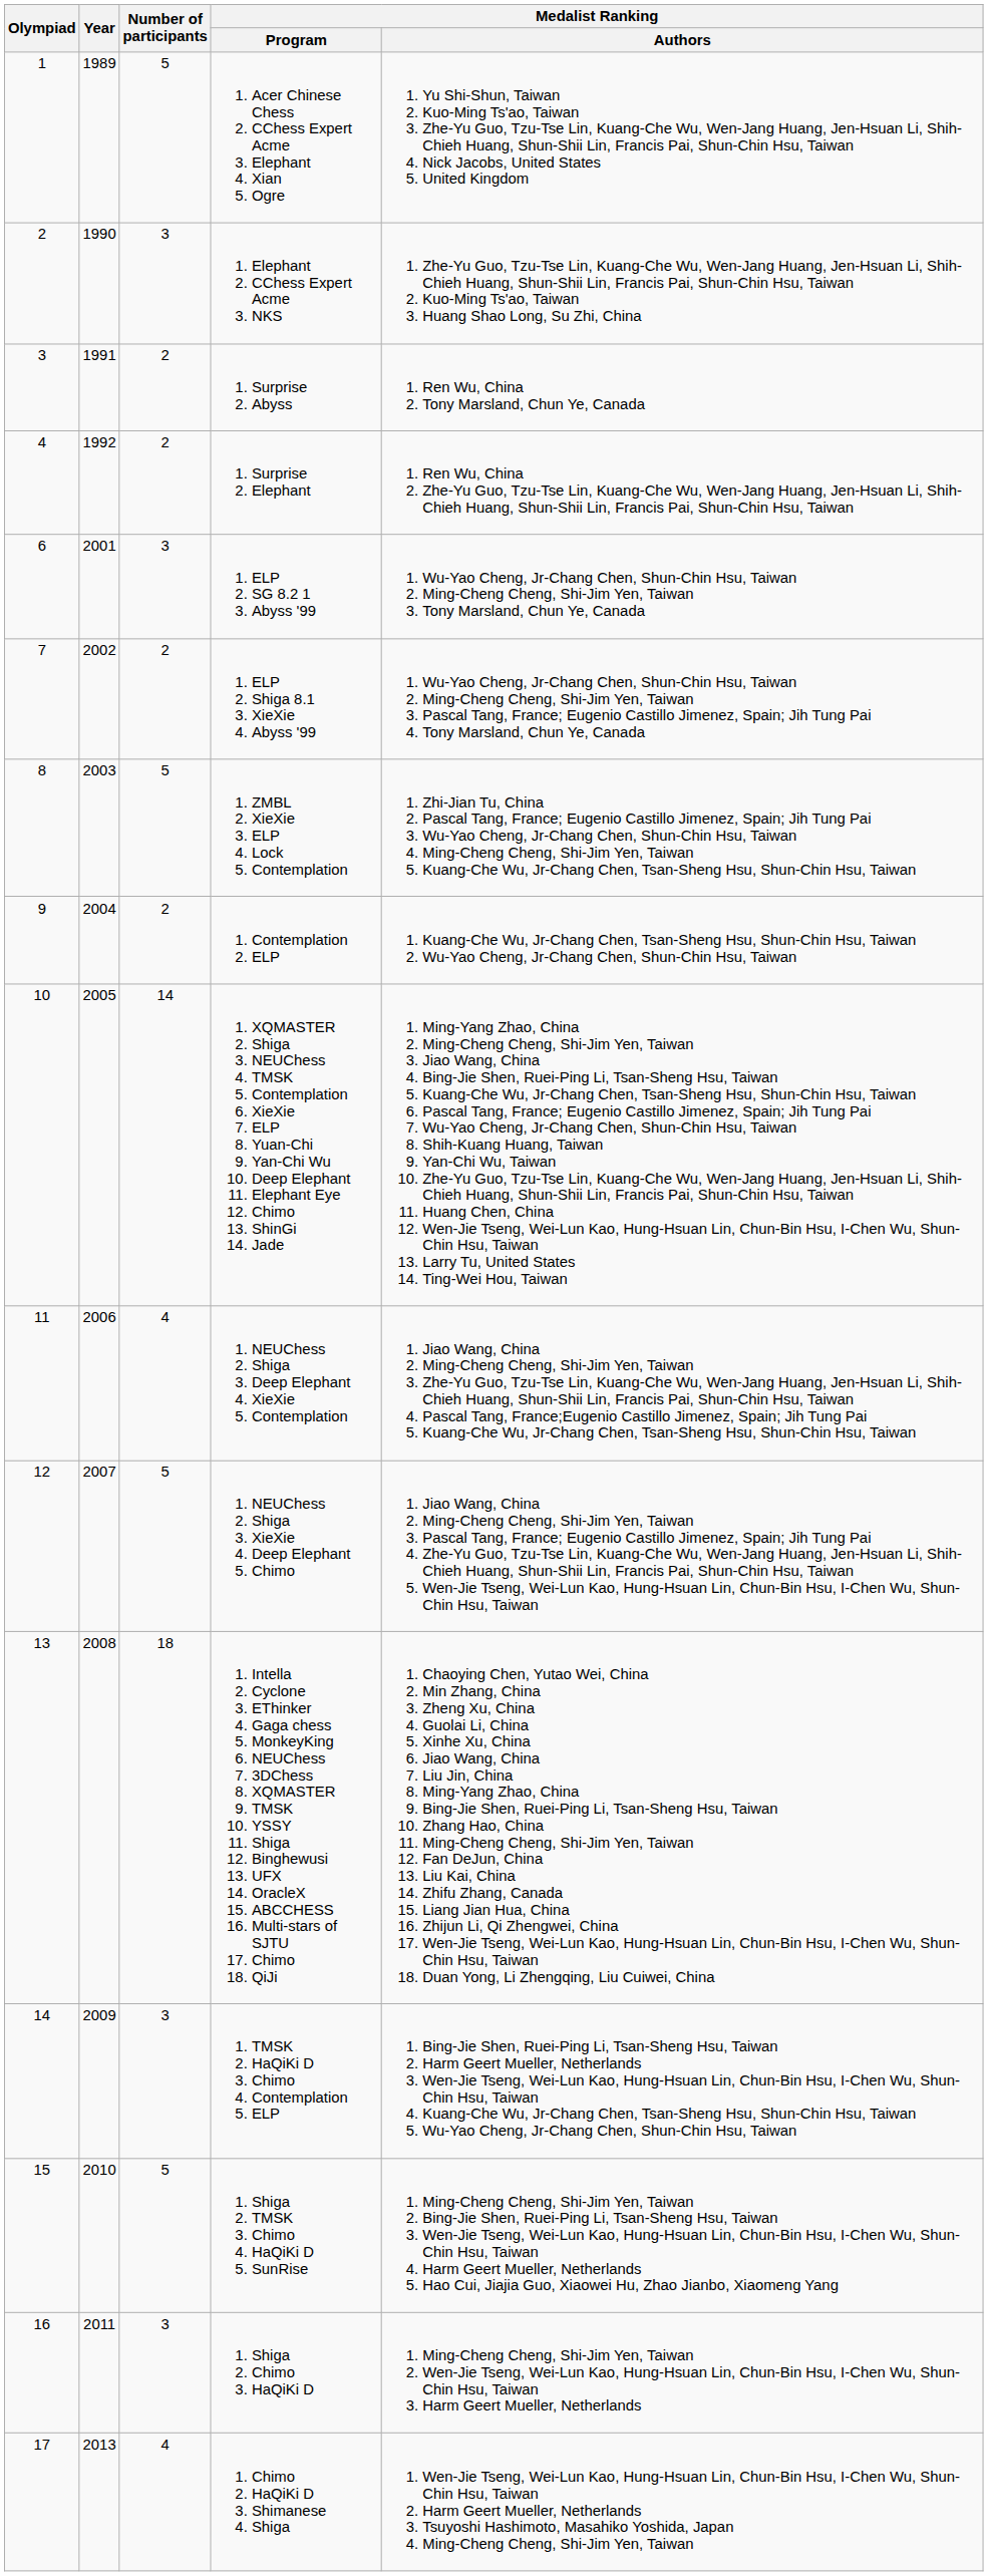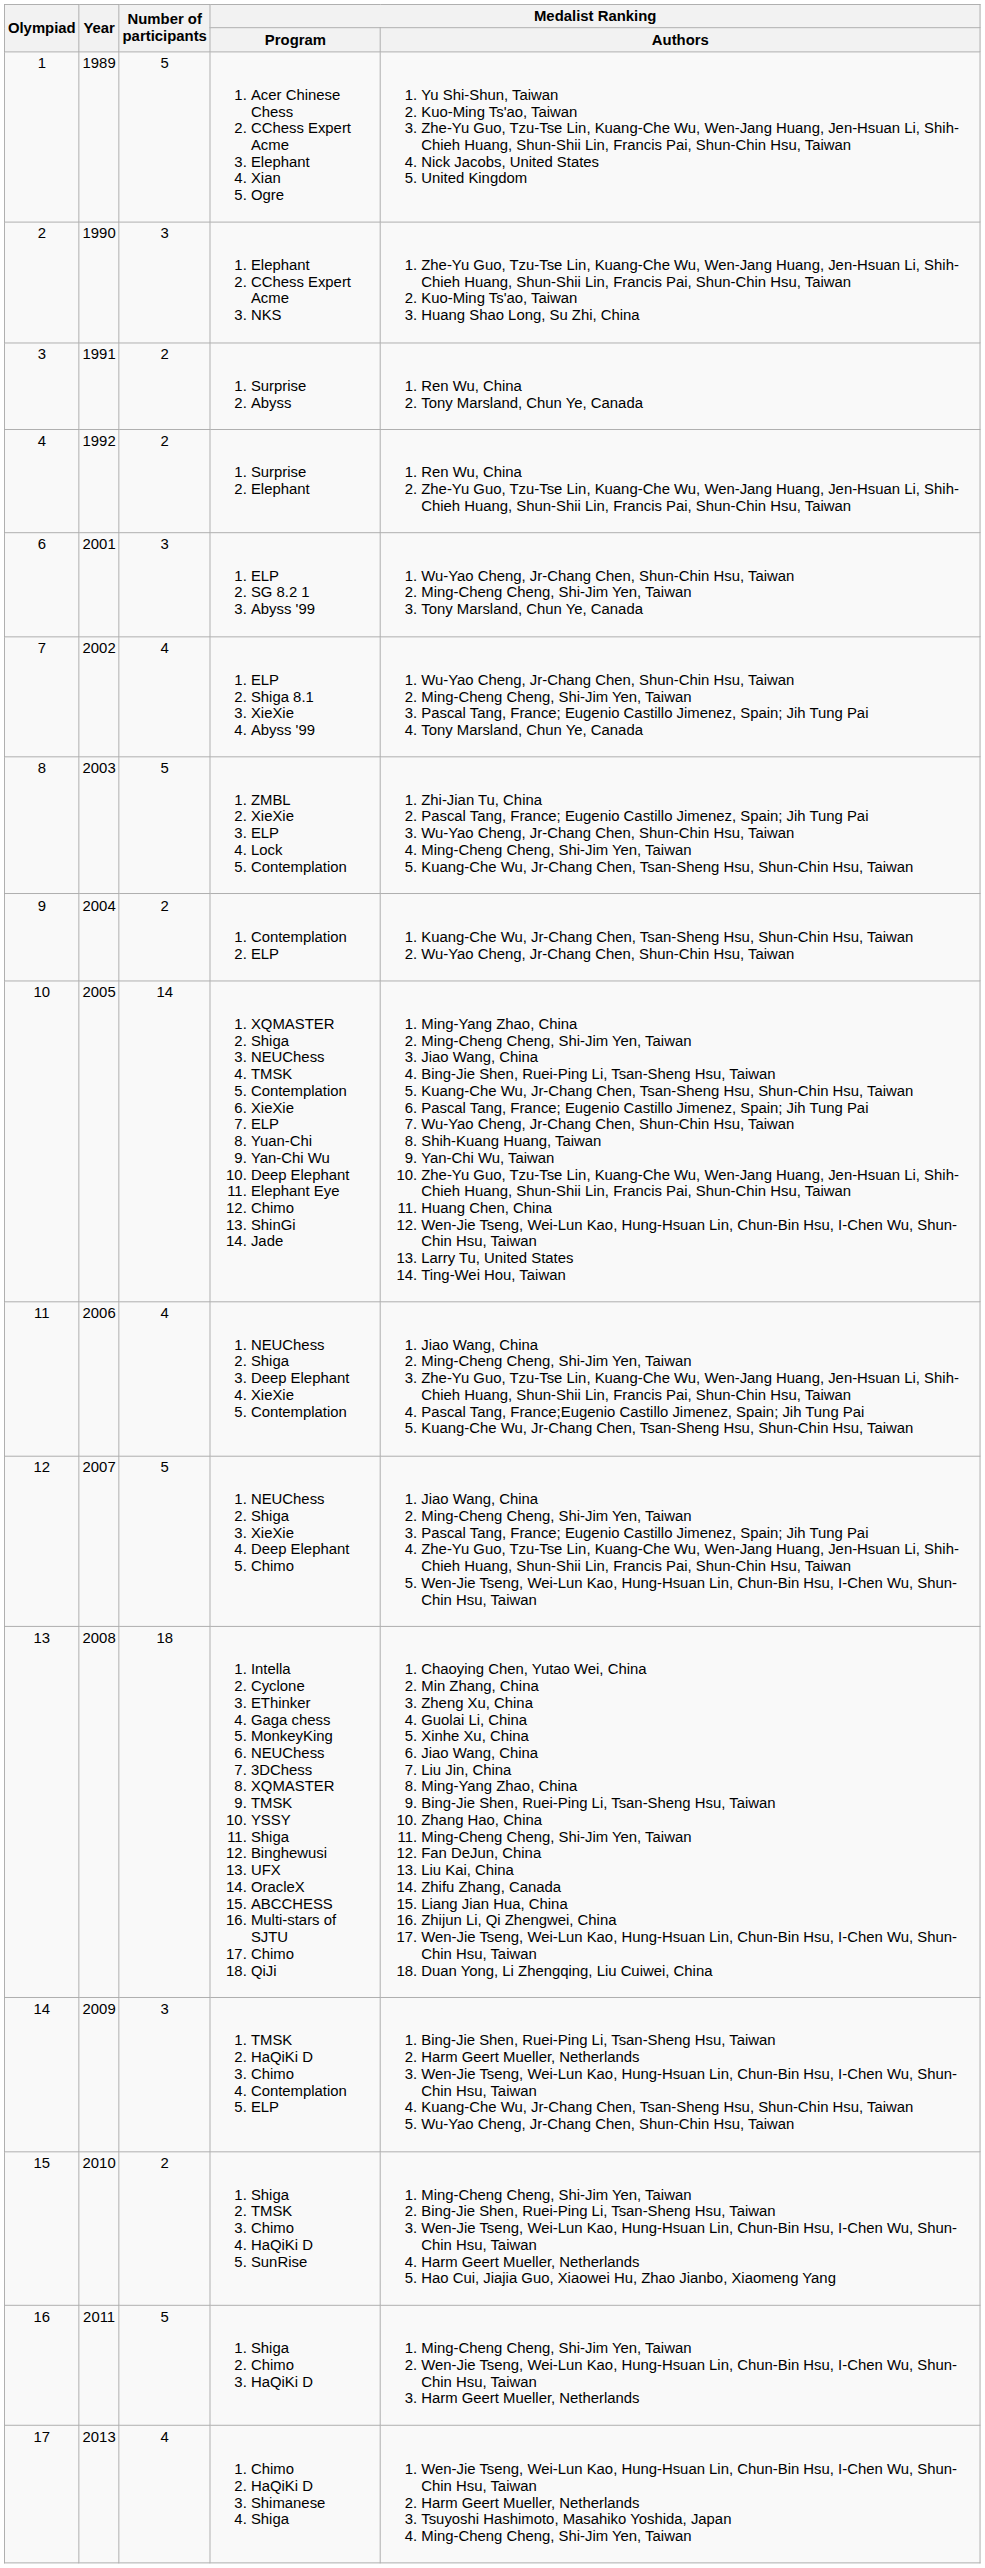 <table class="wikitable" style="width: 1050px;">
 <tr align="center">
 <th rowspan=2>Olympiad</th>
 <th rowspan=2>Year</th>
 <th rowspan=2>Number of<br>participants</th>
 <th colspan=2>Medalist Ranking</th>
 </tr>
 <tr align="center">
 <th>Program</th>
 <th>Authors</th>
 </tr>
 <tr align="center" valign="top">
 <td style="width: 60px;">1</td>
 <td style="width: 30px;">1989</td>
 <td style="width: 80px;">5</td>
 <td style="width: 180px;" align="left"><br><ol><li>Acer Chinese Chess</li><li>CChess Expert Acme</li><li>Elephant</li><li>Xian</li><li>Ogre</li></ol></td>
 <td style="width: 700px;" align=left><br><ol><li>Yu Shi-Shun, Taiwan</li><li>Kuo-Ming Ts'ao, Taiwan</li><li>Zhe-Yu Guo, Tzu-Tse Lin, Kuang-Che Wu, Wen-Jang Huang, Jen-Hsuan Li, Shih-Chieh Huang, Shun-Shii Lin, Francis Pai, Shun-Chin Hsu, Taiwan</li><li>Nick Jacobs, United States</li><li>United Kingdom</li></ol></td>
 </tr>
 <tr align="center" valign="top">
 <td>2</td>
 <td>1990</td>
 <td>3</td>
 <td align="left"><br><ol><li>Elephant</li><li>CChess Expert Acme</li><li>NKS</li></ol></td>
 <td align=left><br><ol><li>Zhe-Yu Guo, Tzu-Tse Lin, Kuang-Che Wu, Wen-Jang Huang, Jen-Hsuan Li, Shih-Chieh Huang, Shun-Shii Lin, Francis Pai, Shun-Chin Hsu, Taiwan</li><li>Kuo-Ming Ts'ao, Taiwan</li><li>Huang Shao Long, Su Zhi, China</li></ol></td>
 </tr>
 <tr align="center" valign="top">
 <td>3</td>
 <td>1991</td>
 <td>2</td>
 <td align="left"><br><ol><li>Surprise</li><li>Abyss</li></ol></td>
 <td align=left><br><ol><li>Ren Wu, China</li><li>Tony Marsland, Chun Ye, Canada</li></ol></td>
 </tr>
 <tr align="center" valign="top">
 <td>4</td>
 <td>1992</td>
 <td>2</td>
 <td align="left"><br><ol><li>Surprise</li><li>Elephant</li></ol></td>
 <td align=left><br><ol><li>Ren Wu, China</li><li>Zhe-Yu Guo, Tzu-Tse Lin, Kuang-Che Wu, Wen-Jang Huang, Jen-Hsuan Li, Shih-Chieh Huang, Shun-Shii Lin, Francis Pai, Shun-Chin Hsu, Taiwan</li></ol></td>
 </tr>
 <tr align="center" valign="top">
 <td>6</td>
 <td>2001</td>
 <td>3</td>
 <td align="left"><br><ol><li>ELP</li><li>SG 8.2 1</li><li>Abyss '99</li></ol></td>
 <td align=left><br><ol><li>Wu-Yao Cheng, Jr-Chang Chen, Shun-Chin Hsu, Taiwan</li><li>Ming-Cheng Cheng, Shi-Jim Yen, Taiwan</li><li>Tony Marsland, Chun Ye, Canada</li></ol></td>
 </tr>
 <tr align="center" valign="top">
 <td>7</td>
 <td>2002</td>
-<td>2</td>
+<td>4</td>
 <td align="left"><br><ol><li>ELP</li><li>Shiga 8.1</li><li>XieXie</li><li>Abyss '99</li></ol></td>
 <td align=left><br><ol><li>Wu-Yao Cheng, Jr-Chang Chen, Shun-Chin Hsu, Taiwan</li><li>Ming-Cheng Cheng, Shi-Jim Yen, Taiwan</li><li>Pascal Tang, France; Eugenio Castillo Jimenez, Spain; Jih Tung Pai</li><li>Tony Marsland, Chun Ye, Canada</li></ol></td>
 </tr>
 <tr align="center" valign="top">
 <td>8</td>
 <td>2003</td>
 <td>5</td>
 <td align="left"><br><ol><li>ZMBL</li><li>XieXie</li><li>ELP</li><li>Lock</li><li>Contemplation</li></ol></td>
 <td align=left><br><ol><li>Zhi-Jian Tu, China</li><li>Pascal Tang, France; Eugenio Castillo Jimenez, Spain; Jih Tung Pai</li><li>Wu-Yao Cheng, Jr-Chang Chen, Shun-Chin Hsu, Taiwan</li><li>Ming-Cheng Cheng, Shi-Jim Yen, Taiwan</li><li>Kuang-Che Wu, Jr-Chang Chen, Tsan-Sheng Hsu, Shun-Chin Hsu, Taiwan</li></ol></td>
 </tr>
 <tr align="center" valign="top">
 <td>9</td>
 <td>2004</td>
 <td>2</td>
 <td align="left"><br><ol><li>Contemplation</li><li>ELP</li></ol></td>
 <td align=left><br><ol><li>Kuang-Che Wu, Jr-Chang Chen, Tsan-Sheng Hsu, Shun-Chin Hsu, Taiwan</li><li>Wu-Yao Cheng, Jr-Chang Chen, Shun-Chin Hsu, Taiwan</li></ol></td>
 </tr>
 <tr align="center" valign="top">
 <td>10</td>
 <td>2005</td>
 <td>14</td>
 <td align="left"><br><ol><li>XQMASTER</li><li>Shiga</li><li>NEUChess</li><li>TMSK</li><li>Contemplation</li><li>XieXie</li><li>ELP</li><li>Yuan-Chi</li><li>Yan-Chi Wu</li><li>Deep Elephant</li><li>Elephant Eye</li><li>Chimo</li><li>ShinGi</li><li>Jade</li></ol></td>
 <td align=left><br><ol><li>Ming-Yang Zhao, China</li><li>Ming-Cheng Cheng, Shi-Jim Yen, Taiwan</li><li>Jiao Wang, China</li><li>Bing-Jie Shen, Ruei-Ping Li, Tsan-Sheng Hsu, Taiwan</li><li>Kuang-Che Wu, Jr-Chang Chen, Tsan-Sheng Hsu, Shun-Chin Hsu, Taiwan</li><li>Pascal Tang, France; Eugenio Castillo Jimenez, Spain; Jih Tung Pai</li><li>Wu-Yao Cheng, Jr-Chang Chen, Shun-Chin Hsu, Taiwan</li><li>Shih-Kuang Huang, Taiwan</li><li>Yan-Chi Wu, Taiwan</li><li>Zhe-Yu Guo, Tzu-Tse Lin, Kuang-Che Wu, Wen-Jang Huang, Jen-Hsuan Li, Shih-Chieh Huang, Shun-Shii Lin, Francis Pai, Shun-Chin Hsu, Taiwan</li><li>Huang Chen, China</li><li>Wen-Jie Tseng, Wei-Lun Kao, Hung-Hsuan Lin, Chun-Bin Hsu, I-Chen Wu, Shun-Chin Hsu, Taiwan</li><li>Larry Tu, United States</li><li>Ting-Wei Hou, Taiwan</li></ol></td>
 </tr>
 <tr align="center" valign="top">
 <td>11</td>
 <td>2006</td>
 <td>4</td>
 <td align="left"><br><ol><li>NEUChess</li><li>Shiga</li><li>Deep Elephant</li><li>XieXie</li><li>Contemplation</li></ol></td>
 <td align=left><br><ol><li>Jiao Wang, China</li><li>Ming-Cheng Cheng, Shi-Jim Yen, Taiwan</li><li>Zhe-Yu Guo, Tzu-Tse Lin, Kuang-Che Wu, Wen-Jang Huang, Jen-Hsuan Li, Shih-Chieh Huang, Shun-Shii Lin, Francis Pai, Shun-Chin Hsu, Taiwan</li><li>Pascal Tang, France;Eugenio Castillo Jimenez, Spain; Jih Tung Pai</li><li>Kuang-Che Wu, Jr-Chang Chen, Tsan-Sheng Hsu, Shun-Chin Hsu, Taiwan</li></ol></td>
 </tr>
 <tr align="center" valign="top">
 <td>12</td>
 <td>2007</td>
 <td>5</td>
 <td align="left"><br><ol><li>NEUChess</li><li>Shiga</li><li>XieXie</li><li>Deep Elephant</li><li>Chimo</li></ol></td>
 <td align=left><br><ol><li>Jiao Wang, China</li><li>Ming-Cheng Cheng, Shi-Jim Yen, Taiwan</li><li>Pascal Tang, France; Eugenio Castillo Jimenez, Spain; Jih Tung Pai</li><li>Zhe-Yu Guo, Tzu-Tse Lin, Kuang-Che Wu, Wen-Jang Huang, Jen-Hsuan Li, Shih-Chieh Huang, Shun-Shii Lin, Francis Pai, Shun-Chin Hsu, Taiwan</li><li>Wen-Jie Tseng, Wei-Lun Kao, Hung-Hsuan Lin, Chun-Bin Hsu, I-Chen Wu, Shun-Chin Hsu, Taiwan</li></ol></td>
 </tr>
 <tr align="center" valign="top">
 <td>13</td>
 <td>2008</td>
 <td>18</td>
 <td align="left"><br><ol><li>Intella</li><li>Cyclone</li><li>EThinker</li><li>Gaga chess</li><li>MonkeyKing</li><li>NEUChess</li><li>3DChess</li><li>XQMASTER</li><li>TMSK</li><li>YSSY</li><li>Shiga</li><li>Binghewusi</li><li>UFX</li><li>OracleX</li><li>ABCCHESS</li><li>Multi-stars of SJTU</li><li>Chimo</li><li>QiJi</li></ol></td>
 <td align=left><br><ol><li>Chaoying Chen, Yutao Wei, China</li><li>Min Zhang, China</li><li>Zheng Xu, China</li><li>Guolai Li, China</li><li>Xinhe Xu, China</li><li>Jiao Wang, China</li><li>Liu Jin, China</li><li>Ming-Yang Zhao, China</li><li>Bing-Jie Shen, Ruei-Ping Li, Tsan-Sheng Hsu, Taiwan</li><li>Zhang Hao, China</li><li>Ming-Cheng Cheng, Shi-Jim Yen, Taiwan</li><li>Fan DeJun, China</li><li>Liu Kai, China</li><li>Zhifu Zhang, Canada</li><li>Liang Jian Hua, China</li><li>Zhijun Li, Qi Zhengwei, China</li><li>Wen-Jie Tseng, Wei-Lun Kao, Hung-Hsuan Lin, Chun-Bin Hsu, I-Chen Wu, Shun-Chin Hsu, Taiwan</li><li>Duan Yong, Li Zhengqing, Liu Cuiwei, China</li></ol></td>
 </tr>
 <tr align="center" valign="top">
 <td>14</td>
 <td>2009</td>
 <td>3</td>
 <td align="left"><br><ol><li>TMSK</li><li>HaQiKi D</li><li>Chimo</li><li>Contemplation</li><li>ELP</li></ol></td>
 <td align=left><br><ol><li>Bing-Jie Shen, Ruei-Ping Li, Tsan-Sheng Hsu, Taiwan</li><li>Harm Geert Mueller, Netherlands</li><li>Wen-Jie Tseng, Wei-Lun Kao, Hung-Hsuan Lin, Chun-Bin Hsu, I-Chen Wu, Shun-Chin Hsu, Taiwan</li><li>Kuang-Che Wu, Jr-Chang Chen, Tsan-Sheng Hsu, Shun-Chin Hsu, Taiwan</li><li>Wu-Yao Cheng, Jr-Chang Chen, Shun-Chin Hsu, Taiwan</li></ol></td>
 </tr>
 <tr align="center" valign="top">
 <td>15</td>
 <td>2010</td>
-<td>5</td>
+<td>2</td>
 <td align="left"><br><ol><li>Shiga</li><li>TMSK</li><li>Chimo</li><li>HaQiKi D</li><li>SunRise</li></ol></td>
 <td align=left><br><ol><li>Ming-Cheng Cheng, Shi-Jim Yen, Taiwan</li><li>Bing-Jie Shen, Ruei-Ping Li, Tsan-Sheng Hsu, Taiwan</li><li>Wen-Jie Tseng, Wei-Lun Kao, Hung-Hsuan Lin, Chun-Bin Hsu, I-Chen Wu, Shun-Chin Hsu, Taiwan</li><li>Harm Geert Mueller, Netherlands</li><li>Hao Cui, Jiajia Guo, Xiaowei Hu, Zhao Jianbo, Xiaomeng Yang</li></ol></td>
 </tr>
 <tr align="center" valign="top">
 <td>16</td>
 <td>2011</td>
-<td>3</td>
+<td>5</td>
 <td align="left"><br><ol><li>Shiga</li><li>Chimo</li><li>HaQiKi D</li></ol></td>
 <td align=left><br><ol><li>Ming-Cheng Cheng, Shi-Jim Yen, Taiwan</li><li>Wen-Jie Tseng, Wei-Lun Kao, Hung-Hsuan Lin, Chun-Bin Hsu, I-Chen Wu, Shun-Chin Hsu, Taiwan</li><li>Harm Geert Mueller, Netherlands</li></ol></td>
 </tr>
 <tr align="center" valign="top">
 <td>17</td>
 <td>2013</td>
 <td>4</td>
 <td align="left"><br><ol><li>Chimo</li><li>HaQiKi D</li><li>Shimanese</li><li>Shiga</li></ol></td>
 <td align=left><br><ol><li>Wen-Jie Tseng, Wei-Lun Kao, Hung-Hsuan Lin, Chun-Bin Hsu, I-Chen Wu, Shun-Chin Hsu, Taiwan</li><li>Harm Geert Mueller, Netherlands</li><li>Tsuyoshi Hashimoto, Masahiko Yoshida, Japan</li><li>Ming-Cheng Cheng, Shi-Jim Yen, Taiwan</li></ol></td>
 </tr>
 </table>
